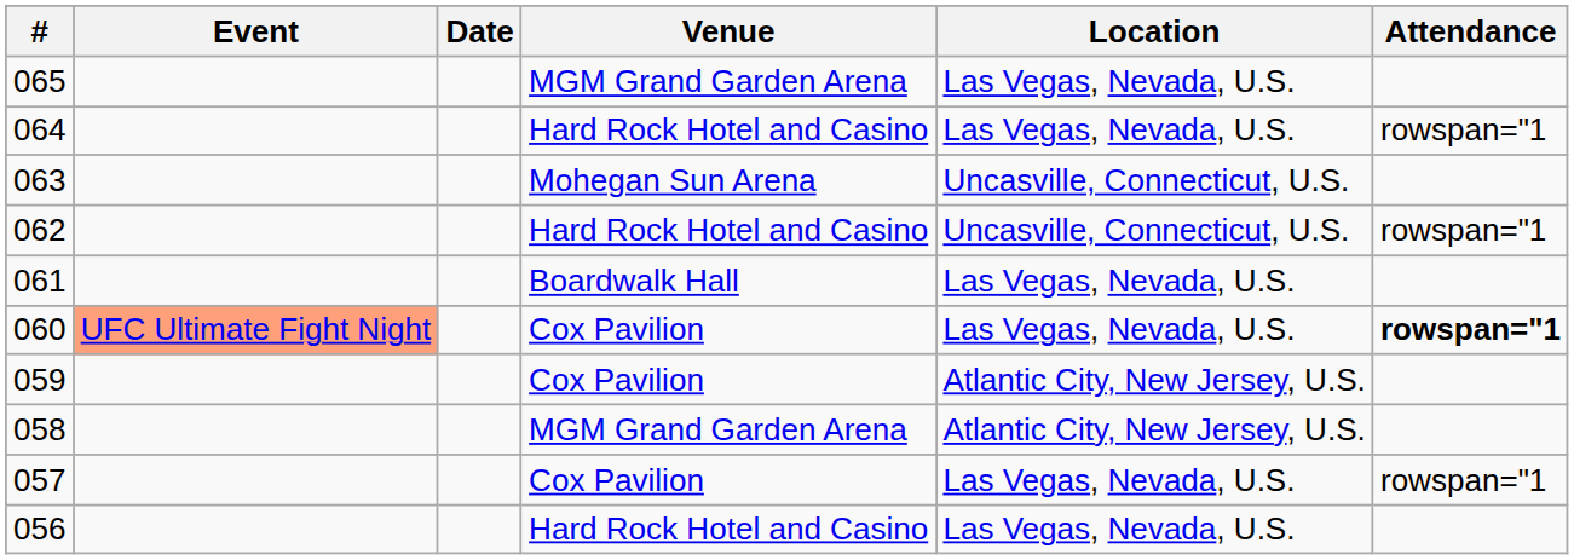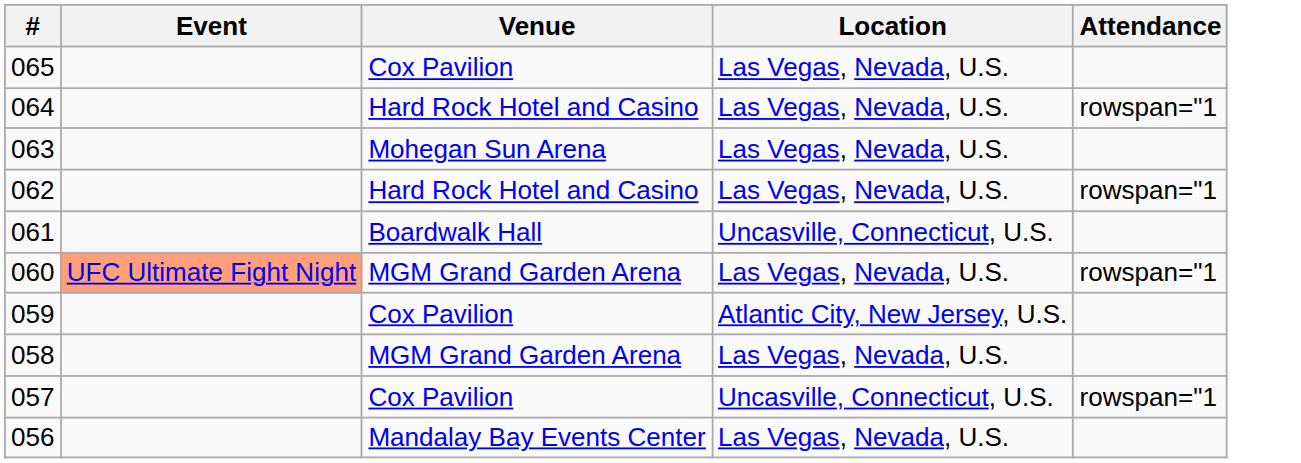 <table class="sortable wikitable succession-box" style="font-size:90%;">
 <tr>
 <th scope="col">#</th>
 <th scope="col">Event</th>
-<th scope="col">Date</th>
 <th scope="col">Venue</th>
 <th scope="col">Location</th>
 <th scope="col">Attendance</th>
 </tr>
 <tr>
 <td>065</td>
 <td></td>
-<td></td>
-<td><a href='#'>MGM Grand Garden Arena</a></td>
+<td><a href='#'>Cox Pavilion</a></td>
 <td><a href='#'>Las Vegas</a>, <a href='#'>Nevada</a>, U.S.</td>
 <td></td>
 </tr>
 <tr>
 <td>064</td>
-<td></td>
 <td></td>
 <td><a href='#'>Hard Rock Hotel and Casino</a></td>
 <td><a href='#'>Las Vegas</a>, <a href='#'>Nevada</a>, U.S.</td>
 <td>rowspan="1 </td>
 </tr>
 <tr>
 <td>063</td>
 <td></td>
-<td></td>
 <td><a href='#'>Mohegan Sun Arena</a></td>
-<td><a href='#'>Uncasville, Connecticut</a>, U.S.</td>
+<td><a href='#'>Las Vegas</a>, <a href='#'>Nevada</a>, U.S.</td>
 <td></td>
 </tr>
 <tr>
 <td>062</td>
 <td></td>
-<td></td>
 <td><a href='#'>Hard Rock Hotel and Casino</a></td>
-<td><a href='#'>Uncasville, Connecticut</a>, U.S.</td>
+<td><a href='#'>Las Vegas</a>, <a href='#'>Nevada</a>, U.S.</td>
 <td>rowspan="1 </td>
 </tr>
 <tr>
 <td>061</td>
 <td></td>
-<td></td>
 <td><a href='#'>Boardwalk Hall</a></td>
-<td><a href='#'>Las Vegas</a>, <a href='#'>Nevada</a>, U.S.</td>
+<td><a href='#'>Uncasville, Connecticut</a>, U.S.</td>
 <td></td>
 </tr>
 <tr>
 <td>060</td>
 <td style="background: lightsalmon;"><a href='#'>UFC Ultimate Fight Night</a></td>
-<td></td>
-<td><a href='#'>Cox Pavilion</a></td>
+<td><a href='#'>MGM Grand Garden Arena</a></td>
 <td><a href='#'>Las Vegas</a>, <a href='#'>Nevada</a>, U.S.</td>
-<td><strong>rowspan="1 </strong></td>
+<td>rowspan="1 </td>
 </tr>
 <tr>
 <td>059</td>
-<td></td>
 <td></td>
 <td><a href='#'>Cox Pavilion</a></td>
 <td><a href='#'>Atlantic City, New Jersey</a>, U.S.</td>
 <td></td>
 </tr>
 <tr>
 <td>058</td>
 <td></td>
-<td></td>
 <td><a href='#'>MGM Grand Garden Arena</a></td>
-<td><a href='#'>Atlantic City, New Jersey</a>, U.S.</td>
+<td><a href='#'>Las Vegas</a>, <a href='#'>Nevada</a>, U.S.</td>
 <td></td>
 </tr>
 <tr>
 <td>057</td>
 <td></td>
-<td></td>
 <td><a href='#'>Cox Pavilion</a></td>
-<td><a href='#'>Las Vegas</a>, <a href='#'>Nevada</a>, U.S.</td>
+<td><a href='#'>Uncasville, Connecticut</a>, U.S.</td>
 <td>rowspan="1 </td>
 </tr>
 <tr>
 <td>056</td>
 <td></td>
-<td></td>
-<td><a href='#'>Hard Rock Hotel and Casino</a></td>
+<td><a href='#'>Mandalay Bay Events Center</a></td>
 <td><a href='#'>Las Vegas</a>, <a href='#'>Nevada</a>, U.S.</td>
 <td></td>
 </tr>
 </table>
